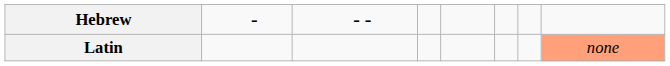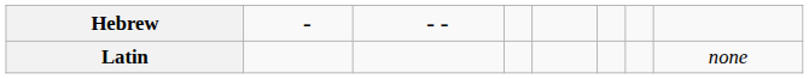 <table class="wikitable" style="font-size:125%; margin:0 auto; width:90%; border-collapse:collapse;">
 <tr style="text-align:center;">
 <th scope="row"><span>Hebrew</span></th>
 <td><big>‎ ‎ ‎ -</big></td>
 <td><big>‎ ‎ ‎ -‎ -</big></td>
 <td><big>‎ </big></td>
 <td><big>‎ ‎ ‎ </big></td>
 <td><big>‎ </big></td>
 <td><big>‎ </big></td>
 <td><big></big></td>
 </tr>
 <tr style="text-align:center;">
 <th scope="row"><span>Latin</span></th>
 <td></td>
 <td></td>
 <td></td>
 <td></td>
 <td></td>
 <td></td>
-<td style="background: lightsalmon;"><span><em>none</em></span></td>
+<td><span><em>none</em></span></td>
 </tr>
 </table>
